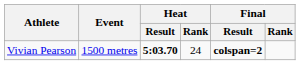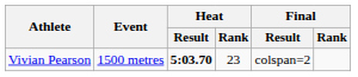 <table class=wikitable style=font-size:90%>
 <tr>
 <th rowspan=2>Athlete</th>
 <th rowspan=2>Event</th>
 <th colspan=2>Heat</th>
 <th colspan=2>Final</th>
 </tr>
 <tr style=font-size:95%>
 <th>Result</th>
 <th>Rank</th>
 <th>Result</th>
 <th>Rank</th>
 </tr>
 <tr align=center>
 <td align=left><a href='#'>Vivian Pearson</a></td>
 <td align=left><a href='#'>1500 metres</a></td>
 <td><strong>5:03.70</strong></td>
-<td>24</td>
-<td><strong>colspan=2 </strong></td>
+<td>23</td>
+<td>colspan=2 </td>
 </tr>
 </table>
